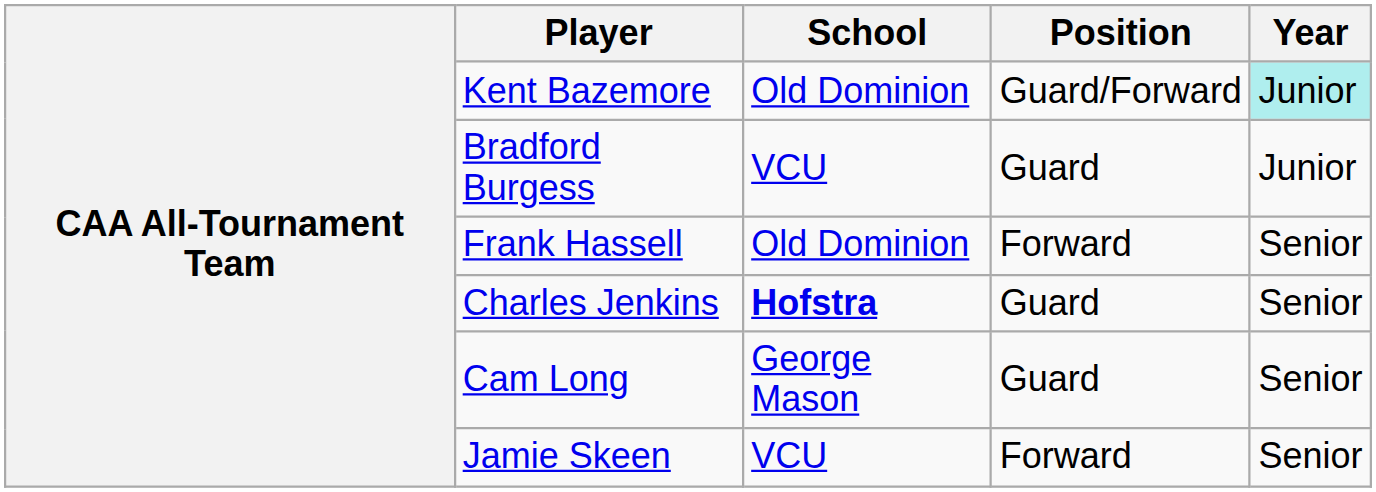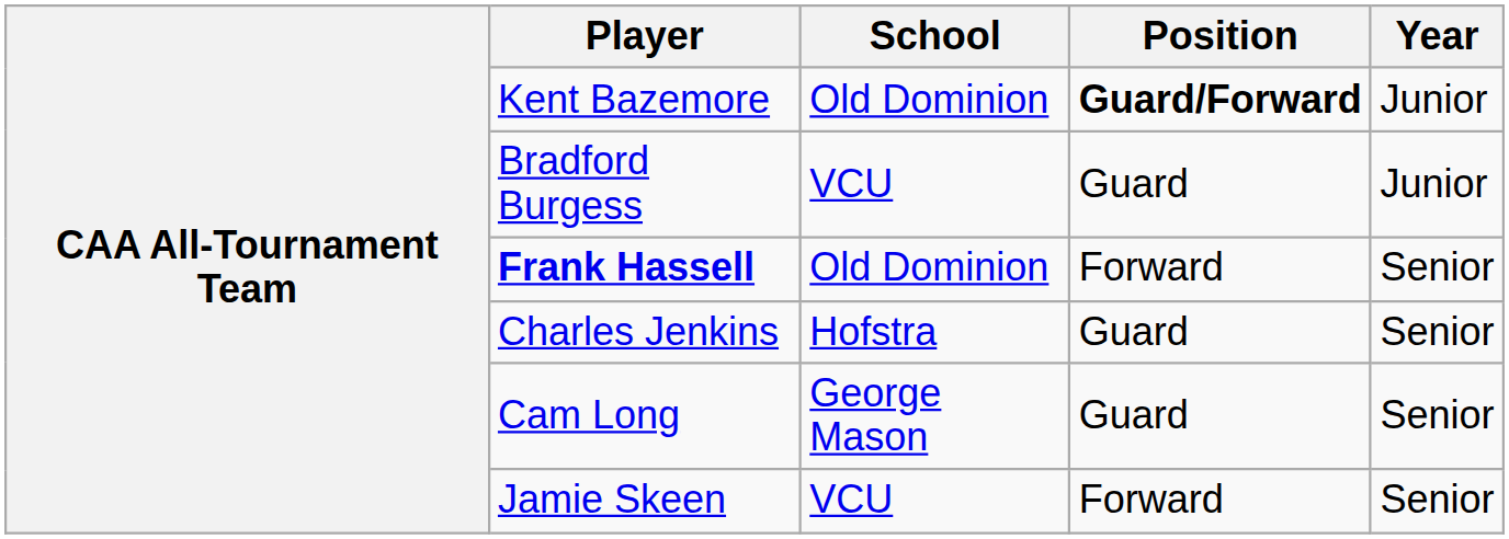 <table class="wikitable" border="1">
 <tr>
 <th rowspan=7 valign=middle>CAA All-Tournament Team</th>
 <th>Player</th>
 <th>School</th>
 <th>Position</th>
 <th>Year</th>
 </tr>
 <tr>
 <td><a href='#'>Kent Bazemore</a></td>
 <td><a href='#'>Old Dominion</a></td>
-<td>Guard/Forward</td>
-<td style="background: paleturquoise;">Junior</td>
+<td><strong>Guard/Forward</strong></td>
+<td>Junior</td>
 </tr>
 <tr>
 <td><a href='#'>Bradford Burgess</a></td>
 <td><a href='#'>VCU</a></td>
 <td>Guard</td>
 <td>Junior</td>
 </tr>
 <tr>
-<td><a href='#'>Frank Hassell</a></td>
+<td><strong><a href='#'>Frank Hassell</a></strong></td>
 <td><a href='#'>Old Dominion</a></td>
 <td>Forward</td>
 <td>Senior</td>
 </tr>
 <tr>
 <td><a href='#'>Charles Jenkins</a></td>
-<td><strong><a href='#'>Hofstra</a></strong></td>
+<td><a href='#'>Hofstra</a></td>
 <td>Guard</td>
 <td>Senior</td>
 </tr>
 <tr>
 <td><a href='#'>Cam Long</a></td>
 <td><a href='#'>George Mason</a></td>
 <td>Guard</td>
 <td>Senior</td>
 </tr>
 <tr>
 <td><a href='#'>Jamie Skeen</a></td>
 <td><a href='#'>VCU</a></td>
 <td>Forward</td>
 <td>Senior</td>
 </tr>
 </table>
